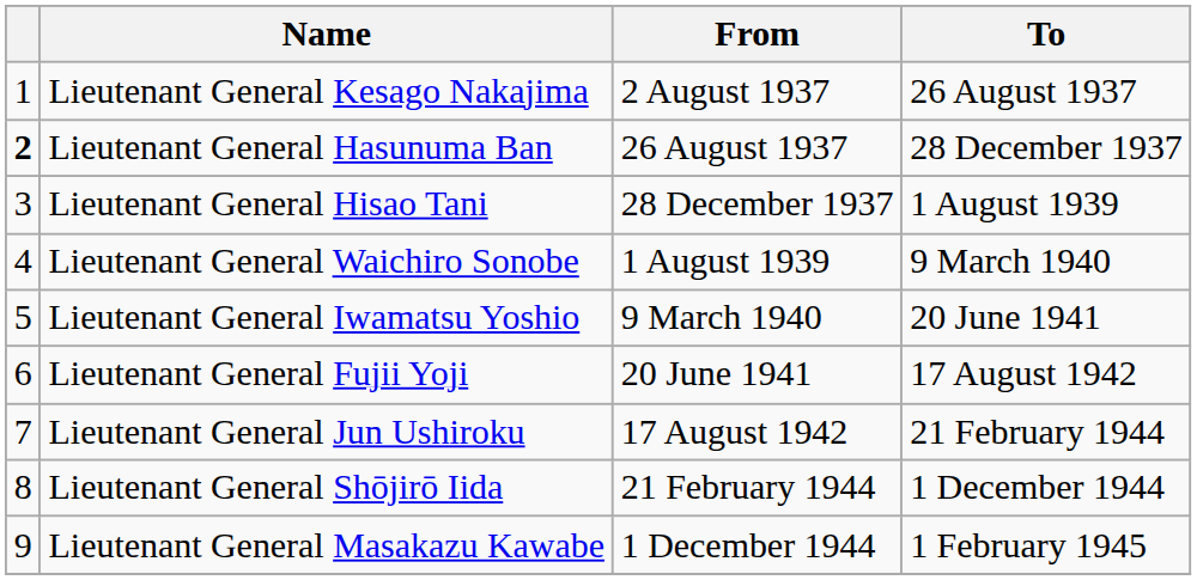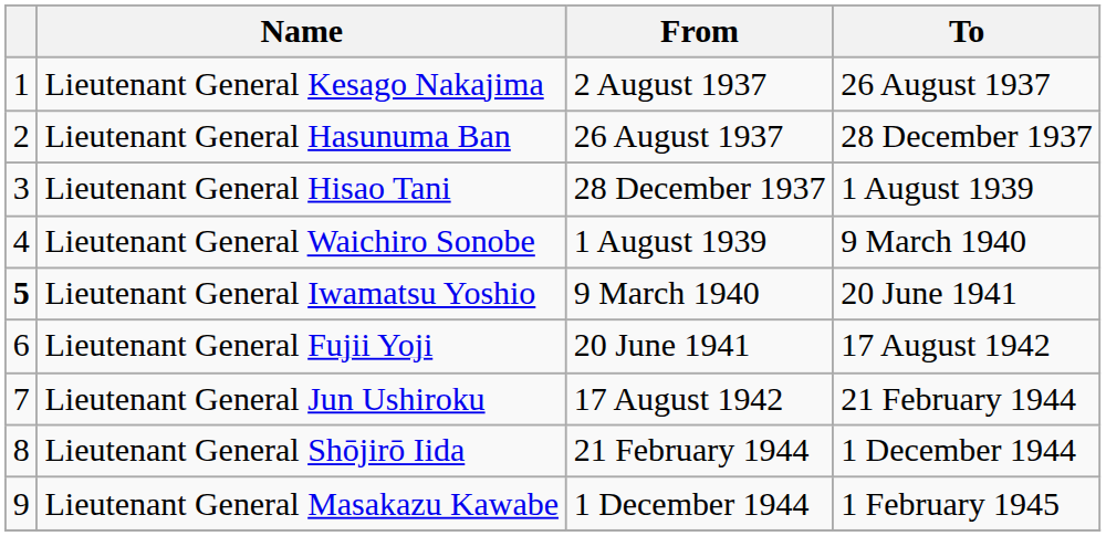 <table class=wikitable>
 <tr>
 <th></th>
 <th>Name</th>
 <th>From</th>
 <th>To</th>
 </tr>
 <tr>
 <td>1</td>
 <td>Lieutenant General <a href='#'>Kesago Nakajima</a></td>
 <td>2 August 1937</td>
 <td>26 August 1937</td>
 </tr>
 <tr>
-<td><strong>2</strong></td>
+<td>2</td>
 <td>Lieutenant General <a href='#'>Hasunuma Ban</a></td>
 <td>26 August 1937</td>
 <td>28 December 1937</td>
 </tr>
 <tr>
 <td>3</td>
 <td>Lieutenant General <a href='#'>Hisao Tani</a></td>
 <td>28 December 1937</td>
 <td>1 August 1939</td>
 </tr>
 <tr>
 <td>4</td>
 <td>Lieutenant General <a href='#'>Waichiro Sonobe</a></td>
 <td>1 August 1939</td>
 <td>9 March 1940</td>
 </tr>
 <tr>
-<td>5</td>
+<td><strong>5</strong></td>
 <td>Lieutenant General <a href='#'>Iwamatsu Yoshio</a></td>
 <td>9 March 1940</td>
 <td>20 June 1941</td>
 </tr>
 <tr>
 <td>6</td>
 <td>Lieutenant General <a href='#'>Fujii Yoji</a></td>
 <td>20 June 1941</td>
 <td>17 August 1942</td>
 </tr>
 <tr>
 <td>7</td>
 <td>Lieutenant General <a href='#'>Jun Ushiroku</a></td>
 <td>17 August 1942</td>
 <td>21 February 1944</td>
 </tr>
 <tr>
 <td>8</td>
 <td>Lieutenant General <a href='#'>Shōjirō Iida</a></td>
 <td>21 February 1944</td>
 <td>1 December 1944</td>
 </tr>
 <tr>
 <td>9</td>
 <td>Lieutenant General <a href='#'>Masakazu Kawabe</a></td>
 <td>1 December 1944</td>
 <td>1 February 1945</td>
 </tr>
 <tr>
 </tr>
 </table>
